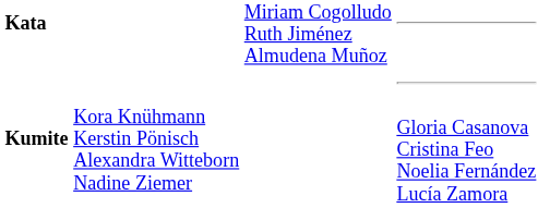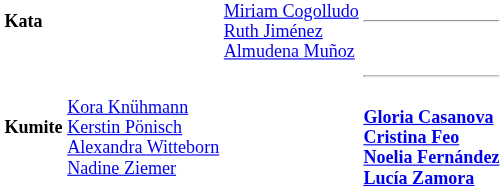 <table>
 <tr>
 <td><strong>Kata</strong></td>
 <td></td>
 <td><br><a href='#'>Miriam Cogolludo</a><br><a href='#'>Ruth Jiménez</a><br><a href='#'>Almudena Muñoz</a></td>
 <td><hr></td>
 </tr>
 <tr>
 <td><strong>Kumite</strong></td>
 <td><br><a href='#'>Kora Knühmann</a><br><a href='#'>Kerstin Pönisch</a><br><a href='#'>Alexandra Witteborn</a><br><a href='#'>Nadine Ziemer</a></td>
 <td></td>
-<td><hr><br><a href='#'>Gloria Casanova</a><br><a href='#'>Cristina Feo</a><br><a href='#'>Noelia Fernández</a><br><a href='#'>Lucía Zamora</a></td>
+<td><strong><hr><br><a href='#'>Gloria Casanova</a><br><a href='#'>Cristina Feo</a><br><a href='#'>Noelia Fernández</a><br><a href='#'>Lucía Zamora</a></strong></td>
 </tr>
 </table>
